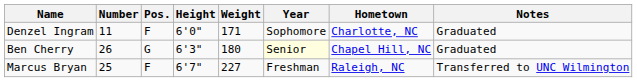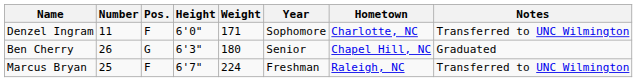 <table class="wikitable sortable" border="1">
 <tr>
 <th>Name</th>
 <th>Number</th>
 <th>Pos.</th>
 <th>Height</th>
 <th>Weight</th>
 <th>Year</th>
 <th>Hometown</th>
 <th>Notes</th>
 </tr>
 <tr>
 <td>Denzel Ingram</td>
 <td>11</td>
 <td>F</td>
 <td>6'0"</td>
 <td>171</td>
 <td>Sophomore</td>
 <td><a href='#'>Charlotte, NC</a></td>
-<td>Graduated</td>
+<td>Transferred to <a href='#'>UNC Wilmington</a></td>
 </tr>
 <tr>
 <td>Ben Cherry</td>
 <td>26</td>
 <td>G</td>
 <td>6'3"</td>
 <td>180</td>
-<td style="background: lightyellow;">Senior</td>
+<td>Senior</td>
 <td><a href='#'>Chapel Hill, NC</a></td>
 <td>Graduated</td>
 </tr>
 <tr>
 <td>Marcus Bryan</td>
 <td>25</td>
 <td>F</td>
 <td>6'7"</td>
-<td>227</td>
+<td>224</td>
 <td>Freshman</td>
 <td><a href='#'>Raleigh, NC</a></td>
 <td>Transferred to <a href='#'>UNC Wilmington</a></td>
 </tr>
 </table>
